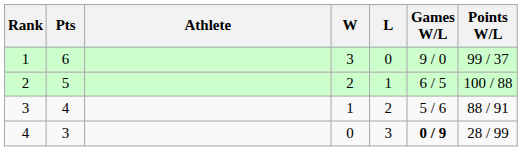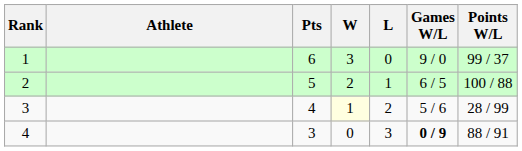 <table class="wikitable" style="text-align: center; font-size:90% ">
 <tr>
 <th width="20">Rank</th>
+<th width="230">Athlete</th>
 <th width="30">Pts</th>
-<th width="230">Athlete</th>
 <th width="30">W</th>
 <th width="30">L</th>
 <th width="40">Games<br>W/L</th>
 <th width="50">Points<br>W/L</th>
 </tr>
 <tr bgcolor=#ccffcc>
 <td>1</td>
+<td align=left></td>
 <td>6</td>
-<td align=left></td>
 <td>3</td>
 <td>0</td>
 <td>9 / 0</td>
 <td>99 / 37</td>
 </tr>
 <tr bgcolor=#ccffcc>
 <td>2</td>
+<td align=left></td>
 <td>5</td>
-<td align=left></td>
 <td>2</td>
 <td>1</td>
 <td>6 / 5</td>
 <td>100 / 88</td>
 </tr>
 <tr>
 <td>3</td>
+<td align=left></td>
 <td>4</td>
-<td align=left></td>
-<td>1</td>
+<td style="background: lightyellow;">1</td>
 <td>2</td>
 <td>5 / 6</td>
-<td>88 / 91</td>
+<td>28 / 99</td>
 </tr>
 <tr>
 <td>4</td>
+<td align=left></td>
 <td>3</td>
-<td align=left></td>
 <td>0</td>
 <td>3</td>
 <td><strong>0 / 9</strong></td>
-<td>28 / 99</td>
+<td>88 / 91</td>
 </tr>
 </table>
